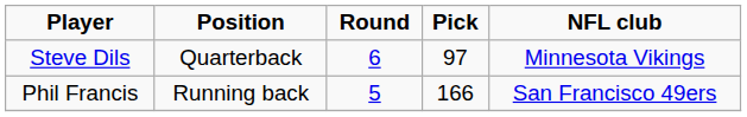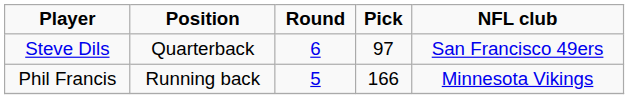 <table class="wikitable" width="60%">
 <tr align="center">
 <td><strong>Player</strong></td>
 <td><strong>Position</strong></td>
 <td><strong>Round</strong></td>
 <td><strong>Pick</strong></td>
 <td><strong>NFL club</strong></td>
 </tr>
 <tr align="center" bgcolor="">
 <td><a href='#'>Steve Dils</a></td>
 <td>Quarterback</td>
 <td><a href='#'>6</a></td>
 <td>97</td>
-<td><a href='#'>Minnesota Vikings</a></td>
+<td><a href='#'>San Francisco 49ers</a></td>
 </tr>
 <tr align="center" bgcolor="">
 <td>Phil Francis</td>
 <td>Running back</td>
 <td><a href='#'>5</a></td>
 <td>166</td>
-<td><a href='#'>San Francisco 49ers</a></td>
+<td><a href='#'>Minnesota Vikings</a></td>
 </tr>
 <tr align="center" bgcolor="">
 </tr>
 </table>
